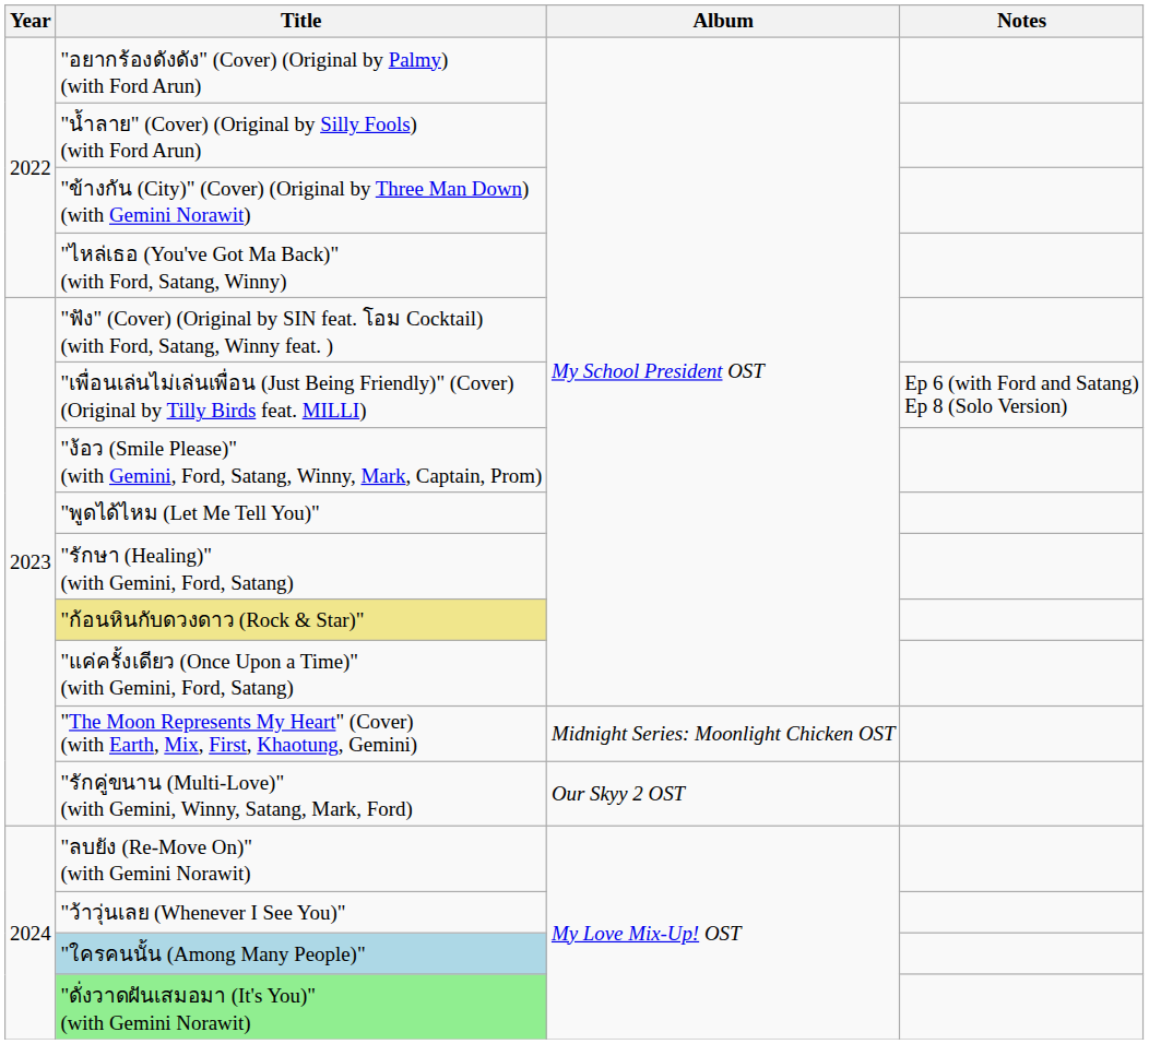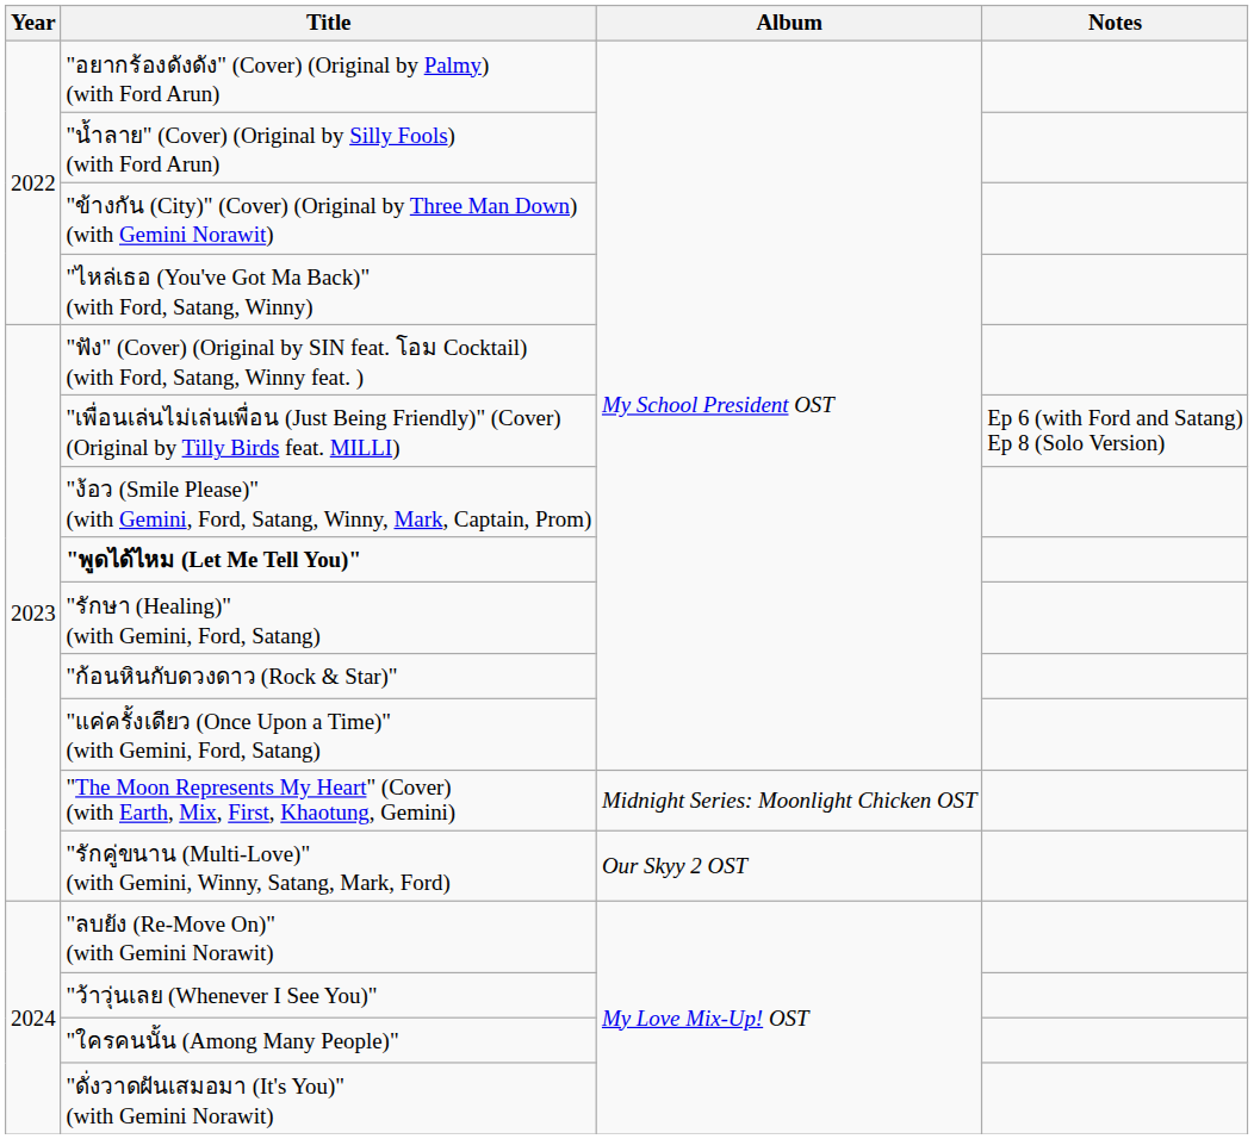 <table class="wikitable sortable">
 <tr>
 <th scope="col">Year</th>
 <th scope="col">Title</th>
 <th scope="col">Album</th>
 <th scope="col" class="unsortable">Notes</th>
 </tr>
 <tr>
 <td rowspan="4">2022</td>
 <td>"อยากร้องดังดัง" (Cover) <span>(Original by <a href='#'>Palmy</a>)</span><br><span>(with Ford Arun)</span></td>
 <td rowspan="11"><em><a href='#'>My School President</a> OST</em></td>
 <td></td>
 </tr>
 <tr>
 <td>"น้ำลาย" (Cover) <span>(Original by <a href='#'>Silly Fools</a>)</span><br><span>(with Ford Arun)</span></td>
 <td></td>
 </tr>
 <tr>
 <td>"ข้างกัน (City)" (Cover) <span>(Original by <a href='#'>Three Man Down</a>)</span><br><span>(with <a href='#'>Gemini Norawit</a>)</span></td>
 <td></td>
 </tr>
 <tr>
 <td>"ไหล่เธอ (You've Got Ma Back)"<br><span>(with Ford, Satang, Winny)</span></td>
 <td></td>
 </tr>
 <tr>
 <td rowspan="9">2023</td>
 <td>"ฟัง" (Cover) <span>(Original by SIN feat. โอม Cocktail)</span><br><span>(with Ford, Satang, Winny feat. )</span></td>
 <td></td>
 </tr>
 <tr>
 <td>"เพื่อนเล่นไม่เล่นเพื่อน (Just Being Friendly)" (Cover)<br><span>(Original by <a href='#'>Tilly Birds</a> feat. <a href='#'>MILLI</a>)</span></td>
 <td>Ep 6 <span>(with Ford and Satang)</span><br>Ep 8 <span>(Solo Version)</span></td>
 </tr>
 <tr>
 <td>"ง้อว (Smile Please)"<br><span>(with <a href='#'>Gemini</a>, Ford, Satang, Winny, <a href='#'>Mark</a>, Captain, Prom)</span></td>
 <td></td>
 </tr>
 <tr>
-<td>"พูดได้ไหม (Let Me Tell You)"</td>
+<td><strong>"พูดได้ไหม (Let Me Tell You)"</strong></td>
 <td></td>
 </tr>
 <tr>
 <td>"รักษา (Healing)"<br><span>(with Gemini, Ford, Satang)</span></td>
 <td></td>
 </tr>
 <tr>
-<td style="background: khaki;">"ก้อนหินกับดวงดาว (Rock & Star)"</td>
+<td>"ก้อนหินกับดวงดาว (Rock & Star)"</td>
 <td></td>
 </tr>
 <tr>
 <td>"แค่ครั้งเดียว (Once Upon a Time)"<br><span>(with Gemini, Ford, Satang)</span></td>
 <td></td>
 </tr>
 <tr>
 <td>"<a href='#'>The Moon Represents My Heart</a>" (Cover)<span><br>(with <a href='#'>Earth</a>, <a href='#'>Mix</a>, <a href='#'>First</a>, <a href='#'>Khaotung</a>, Gemini)</span></td>
 <td><em>Midnight Series: Moonlight Chicken OST</em></td>
 <td></td>
 </tr>
 <tr>
 <td>"รักคู่ขนาน (Multi-Love)"<br><span>(with Gemini, Winny, Satang, Mark, Ford)</span></td>
 <td><em>Our Skyy 2 OST</em></td>
 <td></td>
 </tr>
 <tr>
 <td rowspan="4">2024</td>
 <td>"ลบยัง (Re-Move On)"<br><span>(with Gemini Norawit)</span></td>
 <td rowspan="4"><em><a href='#'>My Love Mix-Up!</a> OST</em></td>
 <td></td>
 </tr>
 <tr>
 <td>"ว้าวุ่นเลย (Whenever I See You)"</td>
 <td></td>
 </tr>
 <tr>
-<td style="background: lightblue;">"ใครคนนั้น (Among Many People)"</td>
+<td>"ใครคนนั้น (Among Many People)"</td>
 <td></td>
 </tr>
 <tr>
-<td style="background: lightgreen;">"ดั่งวาดฝันเสมอมา (It's You)"<br><span>(with Gemini Norawit)</span></td>
+<td>"ดั่งวาดฝันเสมอมา (It's You)"<br><span>(with Gemini Norawit)</span></td>
 <td></td>
 </tr>
 </table>
